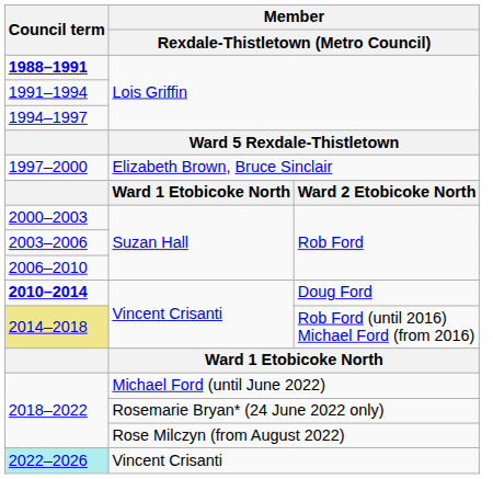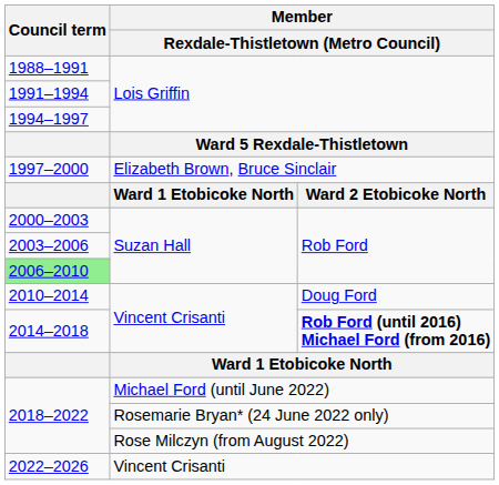 <table class="wikitable">
 <tr>
 <th rowspan="2">Council term</th>
 <th colspan="2">Member</th>
 </tr>
 <tr>
 <th colspan="2">Rexdale-Thistletown (Metro Council)</th>
 </tr>
 <tr>
-<td><strong><a href='#'>1988–1991</a></strong></td>
+<td><a href='#'>1988–1991</a></td>
 <td colspan="2" rowspan="3"><a href='#'>Lois Griffin</a></td>
 </tr>
 <tr>
 <td><a href='#'>1991–1994</a></td>
 </tr>
 <tr>
 <td><a href='#'>1994–1997</a></td>
 </tr>
 <tr>
 <th></th>
 <th colspan="2">Ward 5 Rexdale-Thistletown</th>
 </tr>
 <tr>
 <td><a href='#'>1997–2000</a></td>
 <td colspan="2"><a href='#'>Elizabeth Brown</a>, <a href='#'>Bruce Sinclair</a></td>
 </tr>
 <tr>
 <th></th>
 <th>Ward 1 Etobicoke North</th>
 <th>Ward 2 Etobicoke North</th>
 </tr>
 <tr>
 <td><a href='#'>2000–2003</a></td>
 <td rowspan="3"><a href='#'>Suzan Hall</a></td>
 <td rowspan="3"><a href='#'>Rob Ford</a></td>
 </tr>
 <tr>
 <td><a href='#'>2003–2006</a></td>
 </tr>
 <tr>
-<td><a href='#'>2006–2010</a></td>
+<td style="background: lightgreen;"><a href='#'>2006–2010</a></td>
 </tr>
 <tr>
-<td><strong><a href='#'>2010–2014</a></strong></td>
+<td><a href='#'>2010–2014</a></td>
 <td rowspan="2"><a href='#'>Vincent Crisanti</a></td>
 <td><a href='#'>Doug Ford</a></td>
 </tr>
 <tr>
-<td style="background: khaki;"><a href='#'>2014–2018</a></td>
-<td><a href='#'>Rob Ford</a> (until 2016) <br><a href='#'>Michael Ford</a> (from 2016)</td>
+<td><a href='#'>2014–2018</a></td>
+<td><strong><a href='#'>Rob Ford</a> (until 2016) <br><a href='#'>Michael Ford</a> (from 2016)</strong></td>
 </tr>
 <tr>
 <th></th>
 <th colspan="2">Ward 1 Etobicoke North</th>
 </tr>
 <tr>
 <td rowspan="3"><a href='#'>2018–2022</a></td>
 <td colspan="2"><a href='#'>Michael Ford</a> (until June 2022)</td>
 </tr>
 <tr>
 <td colspan="2">Rosemarie Bryan* (24 June 2022 only)</td>
 </tr>
 <tr>
 <td colspan="2">Rose Milczyn (from August 2022)</td>
 </tr>
 <tr>
-<td style="background: paleturquoise;"><a href='#'>2022–2026</a></td>
+<td><a href='#'>2022–2026</a></td>
 <td colspan="2">Vincent Crisanti</td>
 </tr>
 </table>
